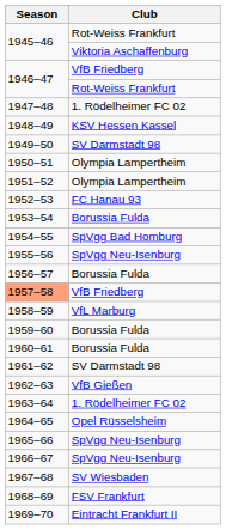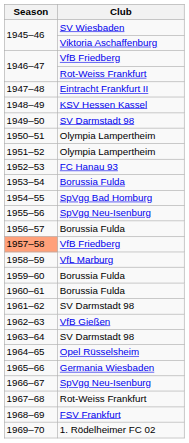 <table class="wikitable">
 <tr align="center" bgcolor="#dfdfdf">
 <th width="80">Season</th>
 <th width="200">Club</th>
 </tr>
 <tr>
 <td rowspan=2>1945–46</td>
-<td>Rot-Weiss Frankfurt</td>
+<td><a href='#'>SV Wiesbaden</a></td>
 </tr>
 <tr>
 <td><a href='#'>Viktoria Aschaffenburg</a></td>
 </tr>
 <tr>
 <td rowspan=2>1946–47</td>
 <td><a href='#'>VfB Friedberg</a></td>
 </tr>
 <tr>
 <td><a href='#'>Rot-Weiss Frankfurt</a></td>
 </tr>
 <tr>
 <td>1947–48</td>
-<td>1. Rödelheimer FC 02</td>
+<td><a href='#'>Eintracht Frankfurt II</a></td>
 </tr>
 <tr>
 <td>1948–49</td>
 <td><a href='#'>KSV Hessen Kassel</a></td>
 </tr>
 <tr>
 <td>1949–50</td>
 <td><a href='#'>SV Darmstadt 98</a></td>
 </tr>
 <tr>
 <td>1950–51</td>
 <td>Olympia Lampertheim</td>
 </tr>
 <tr>
 <td>1951–52</td>
 <td>Olympia Lampertheim</td>
 </tr>
 <tr>
 <td>1952–53</td>
 <td><a href='#'>FC Hanau 93</a></td>
 </tr>
 <tr>
 <td>1953–54</td>
 <td><a href='#'>Borussia Fulda</a></td>
 </tr>
 <tr>
 <td>1954–55</td>
 <td><a href='#'>SpVgg Bad Homburg</a></td>
 </tr>
 <tr>
 <td>1955–56</td>
 <td><a href='#'>SpVgg Neu-Isenburg</a></td>
 </tr>
 <tr>
 <td>1956–57</td>
 <td>Borussia Fulda</td>
 </tr>
 <tr>
 <td style="background: lightsalmon;">1957–58</td>
 <td><a href='#'>VfB Friedberg</a></td>
 </tr>
 <tr>
 <td>1958–59</td>
 <td><a href='#'>VfL Marburg</a></td>
 </tr>
 <tr>
 <td>1959–60</td>
 <td>Borussia Fulda</td>
 </tr>
 <tr>
 <td>1960–61</td>
 <td>Borussia Fulda</td>
 </tr>
 <tr>
 <td>1961–62</td>
 <td>SV Darmstadt 98</td>
 </tr>
 <tr>
 <td>1962–63</td>
 <td><a href='#'>VfB Gießen</a></td>
 </tr>
 <tr>
 <td>1963–64</td>
-<td><a href='#'>1. Rödelheimer FC 02</a></td>
+<td>SV Darmstadt 98</td>
 </tr>
 <tr>
 <td>1964–65</td>
 <td><a href='#'>Opel Rüsselsheim</a></td>
 </tr>
 <tr>
 <td>1965–66</td>
-<td><a href='#'>SpVgg Neu-Isenburg</a></td>
+<td><a href='#'>Germania Wiesbaden</a></td>
 </tr>
 <tr>
 <td>1966–67</td>
 <td><a href='#'>SpVgg Neu-Isenburg</a></td>
 </tr>
 <tr>
 <td>1967–68</td>
-<td><a href='#'>SV Wiesbaden</a></td>
+<td>Rot-Weiss Frankfurt</td>
 </tr>
 <tr>
 <td>1968–69</td>
 <td><a href='#'>FSV Frankfurt</a></td>
 </tr>
 <tr>
 <td>1969–70</td>
-<td><a href='#'>Eintracht Frankfurt II</a></td>
+<td>1. Rödelheimer FC 02</td>
 </tr>
 </table>
